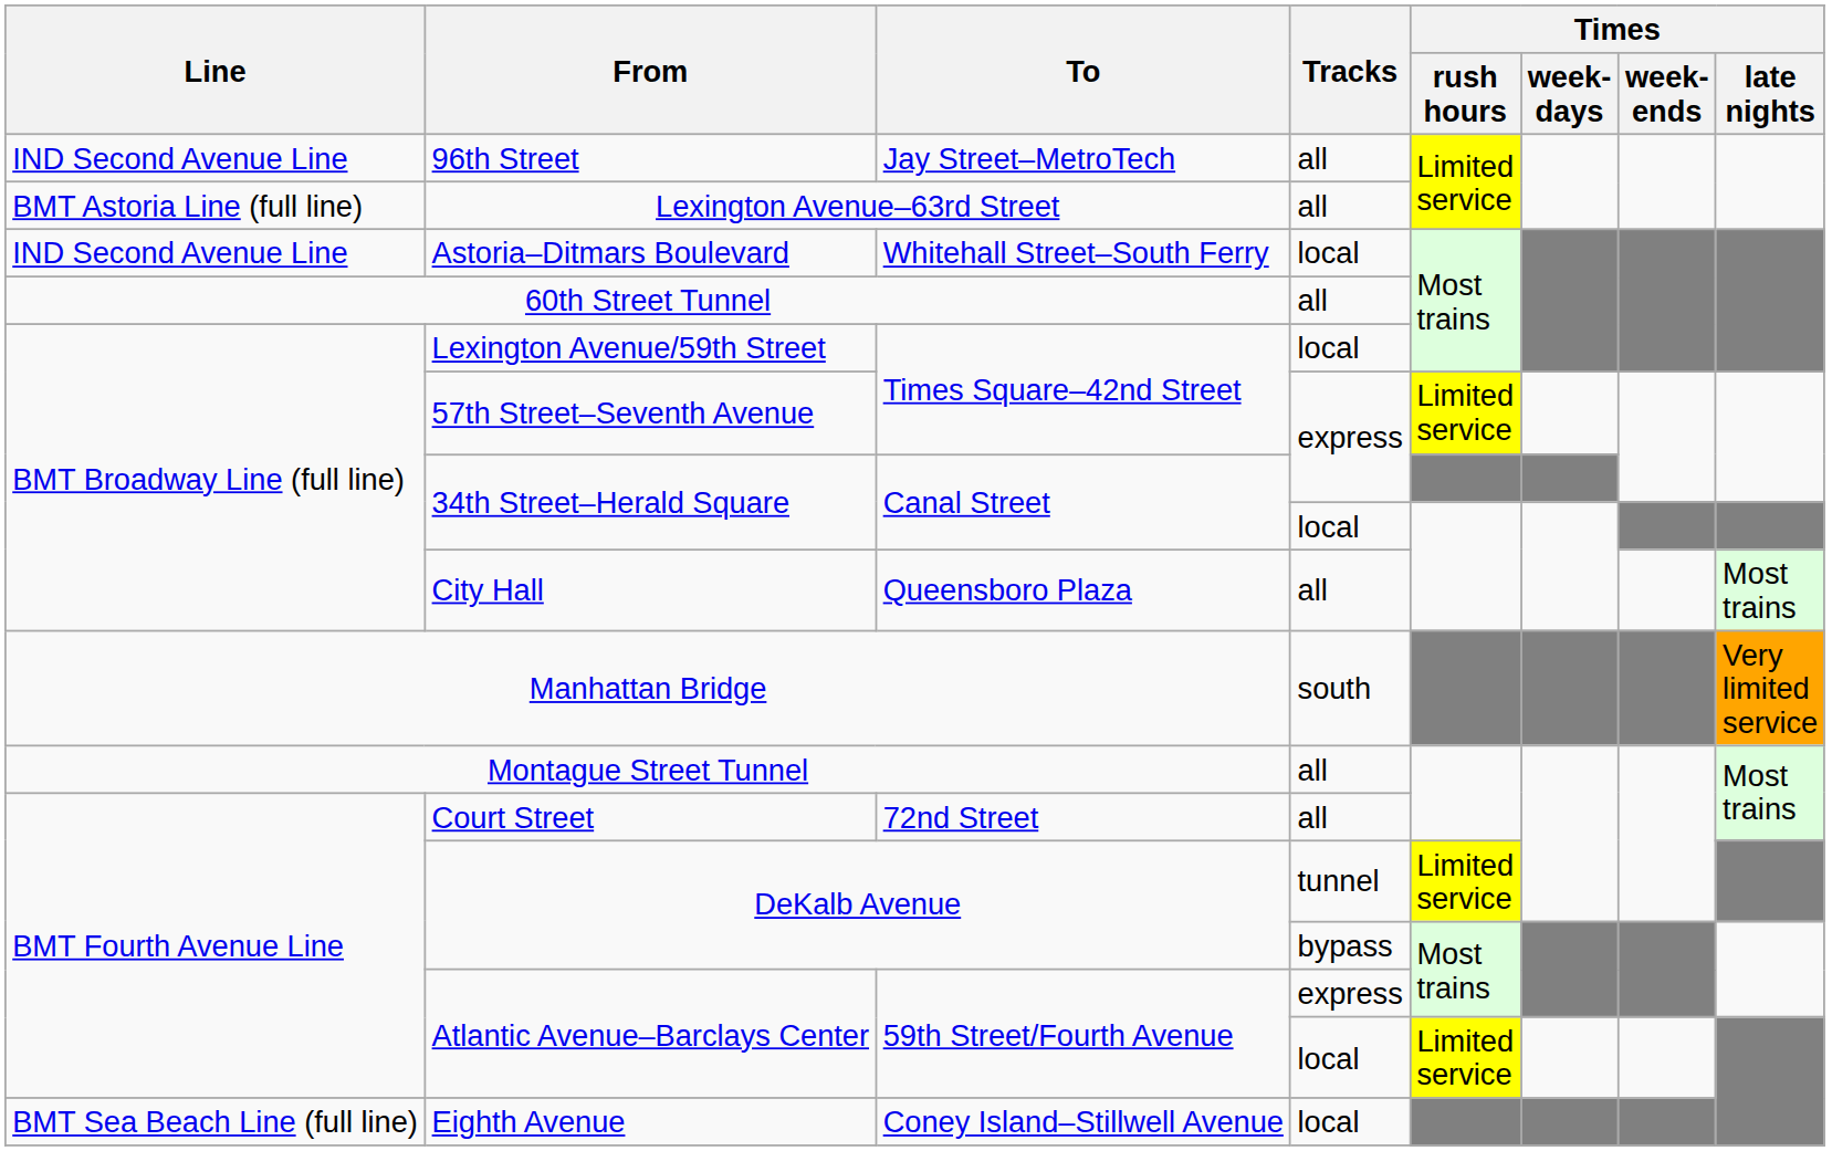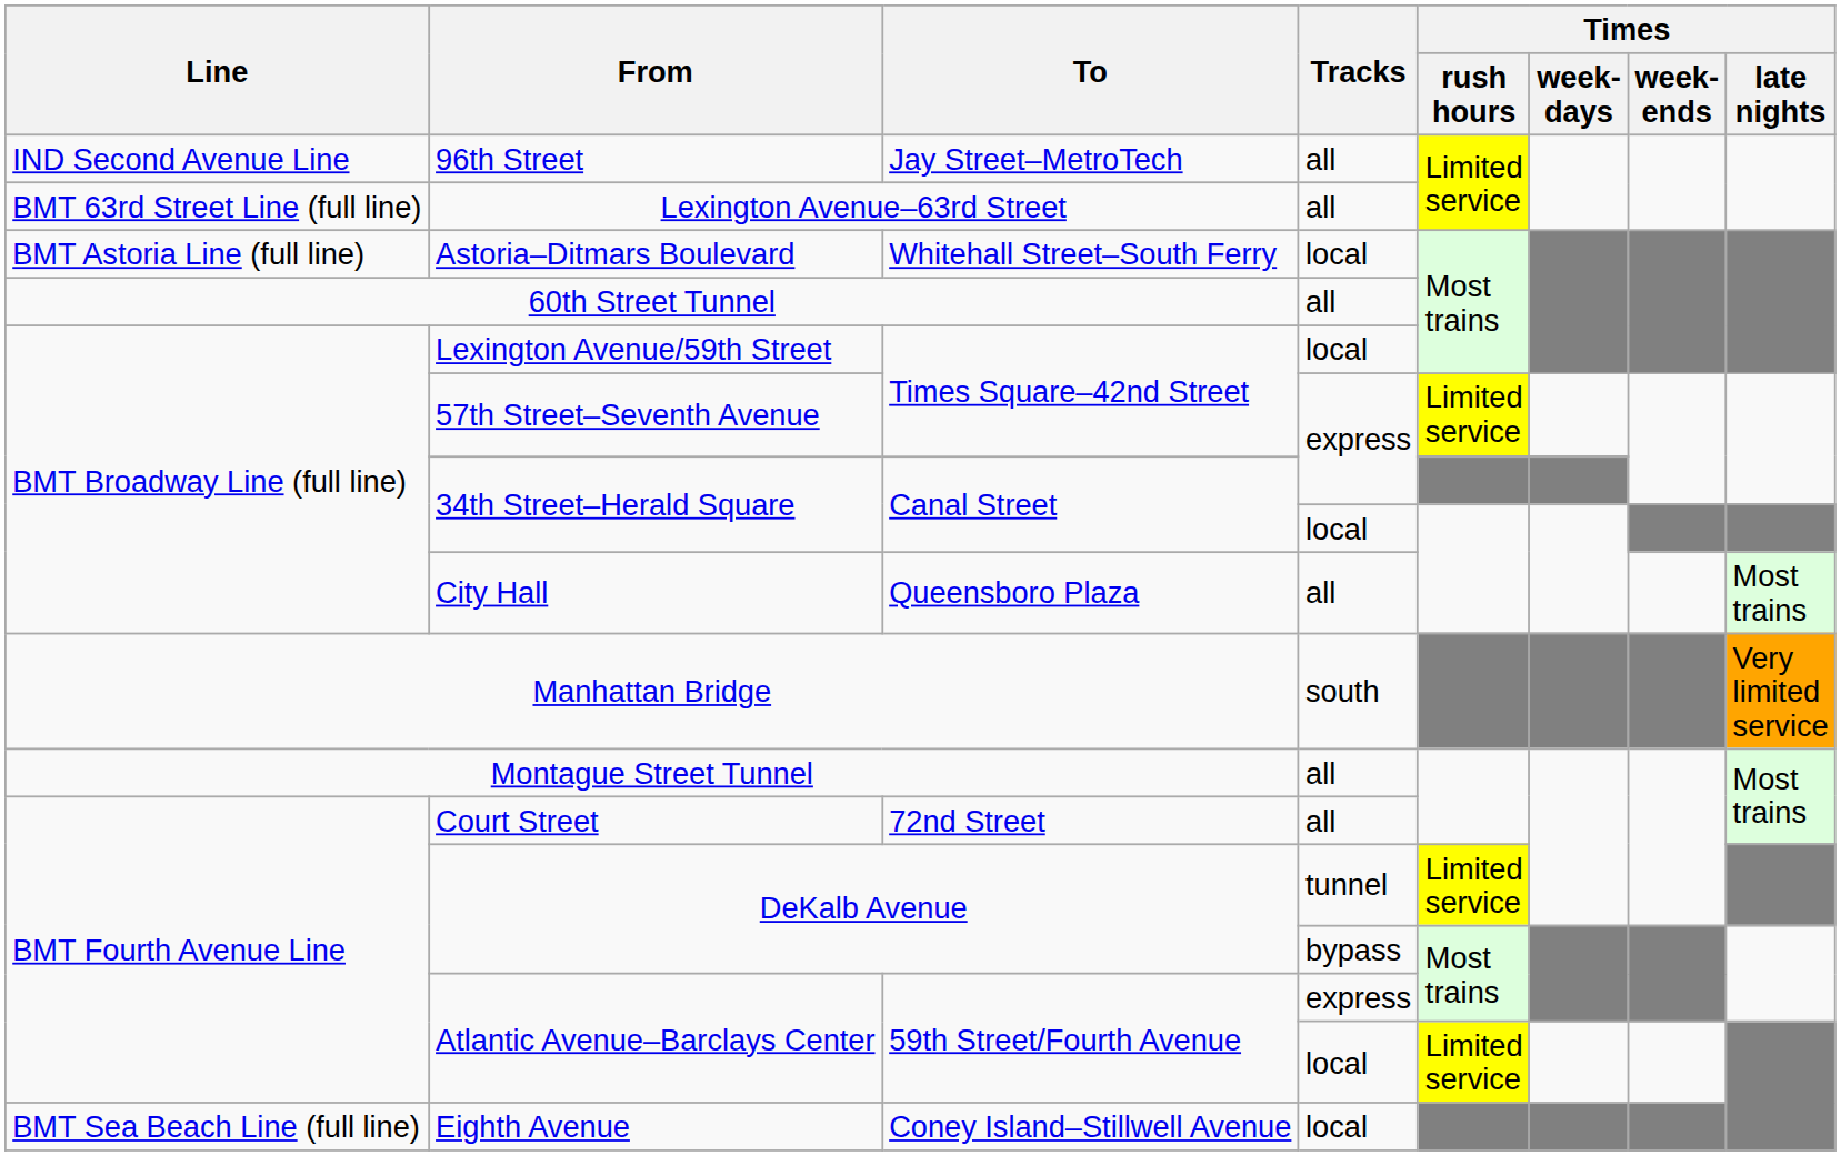 <table class="wikitable collapsible" style="width:auto; font-size:95%">
 <tr>
 <th rowspan=2>Line</th>
 <th rowspan=2>From</th>
 <th rowspan=2>To</th>
 <th rowspan=2>Tracks</th>
 <th colspan=4>Times</th>
 </tr>
 <tr>
 <th width=40>rush hours</th>
 <th width=40>week­days</th>
 <th width=40>week­ends</th>
 <th width=40>late nights</th>
 </tr>
 <tr>
 <td><a href='#'>IND Second Avenue Line</a></td>
 <td><a href='#'>96th Street</a></td>
 <td><a href='#'>Jay Street–MetroTech</a></td>
 <td>all</td>
 <td rowspan=2 style="background:yellow">Limited service</td>
 <td rowspan=2></td>
 <td rowspan=2></td>
 <td rowspan=2></td>
 </tr>
 <tr>
-<td><a href='#'>BMT Astoria Line</a> (full line)</td>
+<td><a href='#'>BMT 63rd Street Line</a> (full line)</td>
 <td colspan=2 align=center><a href='#'>Lexington Avenue–63rd Street</a></td>
 <td>all</td>
 </tr>
 <tr>
-<td><a href='#'>IND Second Avenue Line</a></td>
+<td><a href='#'>BMT Astoria Line</a> (full line)</td>
 <td><a href='#'>Astoria–Ditmars Boulevard</a></td>
 <td><a href='#'>Whitehall Street–South Ferry</a></td>
 <td>local</td>
 <td rowspan=3 style="background:#ddffdd">Most trains</td>
 <td rowspan=3 style="background:gray"> </td>
 <td rowspan=3 style="background:gray"></td>
 <td rowspan=3 style="background:gray"></td>
 </tr>
 <tr>
 <td colspan=3 align=center><a href='#'>60th Street Tunnel</a></td>
 <td>all</td>
 </tr>
 <tr>
 <td rowspan=5><a href='#'>BMT Broadway Line</a> (full line)</td>
 <td><a href='#'>Lexington Avenue/59th Street</a></td>
 <td rowspan=2><a href='#'>Times Square–42nd Street</a></td>
 <td>local</td>
 </tr>
 <tr>
 <td><a href='#'>57th Street–Seventh Avenue</a></td>
 <td rowspan=2>express</td>
 <td style="background:yellow">Limited service</td>
 <td> </td>
 <td rowspan=2> </td>
 <td rowspan=2> </td>
 </tr>
 <tr>
 <td rowspan=2><a href='#'>34th Street–Herald Square</a></td>
 <td rowspan=2><a href='#'>Canal Street</a></td>
 <td style="background:gray"> </td>
 <td style="background:gray"> </td>
 </tr>
 <tr>
 <td>local</td>
 <td rowspan=2> </td>
 <td rowspan=2> </td>
 <td style="background:gray"> </td>
 <td style="background:gray"> </td>
 </tr>
 <tr>
 <td><a href='#'>City Hall</a></td>
 <td><a href='#'>Queensboro Plaza</a></td>
 <td>all</td>
 <td> </td>
 <td style="background:#ddffdd">Most trains</td>
 </tr>
 <tr>
 <td colspan=3 align=center><a href='#'>Manhattan Bridge</a></td>
 <td>south</td>
 <td style="background:gray"> </td>
 <td style="background:gray"> </td>
 <td style="background:gray"> </td>
 <td style="background:orange">Very limited service</td>
 </tr>
 <tr>
 <td colspan=3 align=center><a href='#'>Montague Street Tunnel</a></td>
 <td>all</td>
 <td rowspan=2> </td>
 <td rowspan=3> </td>
 <td rowspan=3> </td>
 <td rowspan=2 style="background:#ddffdd">Most trains</td>
 </tr>
 <tr>
 <td rowspan=5><a href='#'>BMT Fourth Avenue Line</a></td>
 <td><a href='#'>Court Street</a></td>
 <td><a href='#'>72nd Street</a></td>
 <td>all</td>
 </tr>
 <tr>
 <td rowspan=2 colspan=2 align=center><a href='#'>DeKalb Avenue</a></td>
 <td>tunnel</td>
 <td style="background:yellow">Limited service</td>
 <td style="background:gray"> </td>
 </tr>
 <tr>
 <td>bypass</td>
 <td rowspan=2 style="background:#ddffdd">Most trains</td>
 <td rowspan=2 style="background:gray"></td>
 <td rowspan=2 style="background:gray"></td>
 <td rowspan=2> </td>
 </tr>
 <tr>
 <td rowspan=2><a href='#'>Atlantic Avenue–Barclays Center</a></td>
 <td rowspan=2><a href='#'>59th Street/Fourth Avenue</a></td>
 <td>express</td>
 </tr>
 <tr>
 <td>local</td>
 <td style="background:yellow">Limited service</td>
 <td> </td>
 <td> </td>
 <td rowspan=2 style="background:gray"></td>
 </tr>
 <tr>
 <td><a href='#'>BMT Sea Beach Line</a> (full line)</td>
 <td><a href='#'>Eighth Avenue</a></td>
 <td><a href='#'>Coney Island–Stillwell Avenue</a></td>
 <td>local</td>
 <td style="background:gray"> </td>
 <td style="background:gray"> </td>
 <td style="background:gray"> </td>
 </tr>
 </table>
